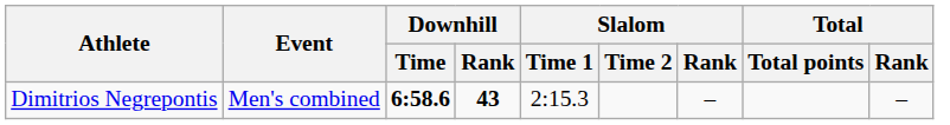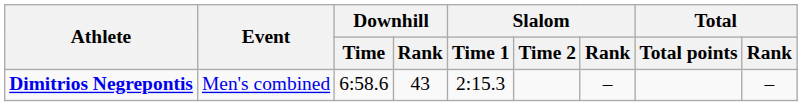 <table class="wikitable" style="font-size:90%">
 <tr>
 <th rowspan="2">Athlete</th>
 <th rowspan="2">Event</th>
 <th colspan="2">Downhill</th>
 <th colspan="3">Slalom</th>
 <th colspan="2">Total</th>
 </tr>
 <tr>
 <th>Time</th>
 <th>Rank</th>
 <th>Time 1</th>
 <th>Time 2</th>
 <th>Rank</th>
 <th>Total points</th>
 <th>Rank</th>
 </tr>
 <tr>
-<td><a href='#'>Dimitrios Negrepontis</a></td>
+<td><strong><a href='#'>Dimitrios Negrepontis</a></strong></td>
 <td><a href='#'>Men's combined</a></td>
-<td align="center"><strong>6:58.6</strong></td>
-<td align="center"><strong>43</strong></td>
+<td align="center">6:58.6</td>
+<td align="center">43</td>
 <td align="center">2:15.3</td>
 <td align="center"></td>
 <td align="center">–</td>
 <td align="center"></td>
 <td align="center">–</td>
 </tr>
 </table>
